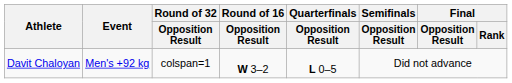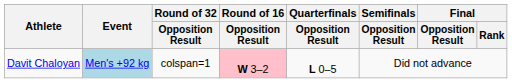 <table class="wikitable" style="font-size:90%">
 <tr>
 <th rowspan="2">Athlete</th>
 <th rowspan="2">Event</th>
 <th>Round of 32</th>
 <th>Round of 16</th>
 <th>Quarterfinals</th>
 <th>Semifinals</th>
 <th colspan=2>Final</th>
 </tr>
 <tr style="font-size:95%">
 <th>Opposition<br>Result</th>
 <th>Opposition<br>Result</th>
 <th>Opposition<br>Result</th>
 <th>Opposition<br>Result</th>
 <th>Opposition<br>Result</th>
 <th>Rank</th>
 </tr>
 <tr align=center>
 <td align=left><a href='#'>Davit Chaloyan</a></td>
-<td align=left><a href='#'>Men's +92 kg</a></td>
+<td align=left style="background: lightblue;"><a href='#'>Men's +92 kg</a></td>
 <td>colspan=1</td>
-<td><br><strong>W</strong> 3–2</td>
+<td style="background: pink;"><br><strong>W</strong> 3–2</td>
 <td><br><strong>L</strong> 0–5</td>
 <td colspan=3>Did not advance</td>
 </tr>
 </table>
